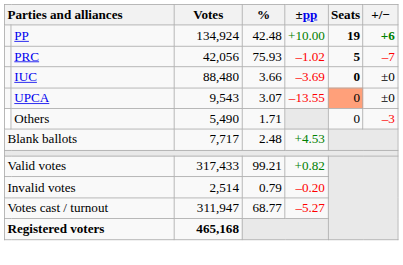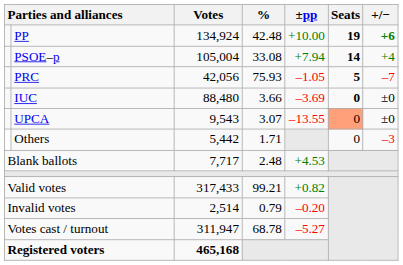 <table class="wikitable" style="text-align:right;">
 <tr>
 <th style="text-align:left;" colspan="2" width="200">Parties and alliances</th>
 <th width="75">Votes</th>
 <th width="45">%</th>
 <th width="45">±<a href='#'>pp</a></th>
 <th width="35">Seats</th>
 <th width="35">+/−</th>
 </tr>
 <tr>
 <td width="1" style="color:inherit;background:"></td>
 <td align="left"><a href='#'>PP</a></td>
 <td>134,924</td>
 <td>42.48</td>
 <td style="color:green;">+10.00</td>
 <td><strong>19</strong></td>
 <td style="color:green;"><strong>+6</strong></td>
 </tr>
 <tr>
 <td style="color:inherit;background:"></td>
+<td align="left"><a href='#'>PSOE</a>–<a href='#'>p</a></td>
+<td>105,004</td>
+<td>33.08</td>
+<td style="color:green;">+7.94</td>
+<td><strong>14</strong></td>
+<td style="color:green;">+4</td>
+</tr>
+<tr>
+<td style="color:inherit;background:"></td>
 <td align="left"><a href='#'>PRC</a></td>
 <td>42,056</td>
 <td>75.93</td>
-<td style="color:red;">–1.02</td>
+<td style="color:red;">–1.05</td>
 <td><strong>5</strong></td>
 <td style="color:red;">–7</td>
 </tr>
 <tr>
 <td style="color:inherit;background:"></td>
 <td align="left"><a href='#'>IUC</a></td>
 <td>88,480</td>
 <td>3.66</td>
 <td style="color:red;">–3.69</td>
 <td><strong>0</strong></td>
 <td>±0</td>
 </tr>
 <tr>
 <td style="color:inherit;background:"></td>
 <td align="left"><a href='#'>UPCA</a></td>
 <td>9,543</td>
 <td>3.07</td>
 <td style="color:red;">–13.55</td>
 <td style="background: lightsalmon;">0</td>
 <td>±0</td>
 </tr>
 <tr>
 <td bgcolor="white"></td>
 <td align="left">Others</td>
-<td>5,490</td>
+<td>5,442</td>
 <td>1.71</td>
 <td bgcolor="#E9E9E9"></td>
 <td>0</td>
 <td style="color:red;">–3</td>
 </tr>
 <tr>
 <td align="left" colspan="2">Blank ballots</td>
 <td>7,717</td>
 <td>2.48</td>
 <td style="color:green;">+4.53</td>
 <td bgcolor="#E9E9E9" colspan="2"></td>
 </tr>
 <tr>
 <td colspan="7" bgcolor="#E9E9E9"></td>
 </tr>
 <tr>
 <td align="left" colspan="2">Valid votes</td>
 <td>317,433</td>
 <td>99.21</td>
 <td style="color:green;">+0.82</td>
 <td bgcolor="#E9E9E9" colspan="2" rowspan="4"></td>
 </tr>
 <tr>
 <td align="left" colspan="2">Invalid votes</td>
 <td>2,514</td>
 <td>0.79</td>
 <td style="color:red;">–0.20</td>
 </tr>
 <tr>
 <td align="left" colspan="2">Votes cast / turnout</td>
 <td>311,947</td>
-<td>68.77</td>
+<td>68.78</td>
 <td style="color:red;">–5.27</td>
 </tr>
 <tr style="font-weight:bold;">
 <td align="left" colspan="2">Registered voters</td>
 <td>465,168</td>
 <td bgcolor="#E9E9E9" colspan="2"></td>
 </tr>
 </table>
